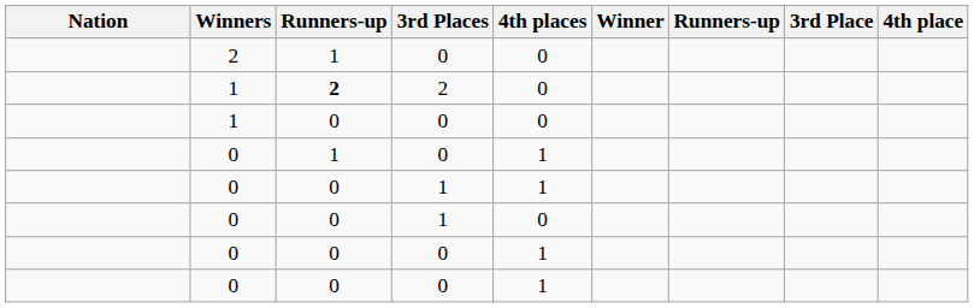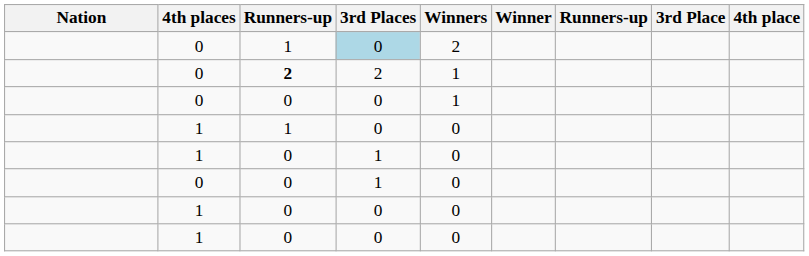 <table class="wikitable sortable">
 <tr>
 <th width=135>Nation</th>
-<th>Winners</th>
+<th>4th places</th>
 <th>Runners-up</th>
 <th>3rd Places</th>
-<th>4th places</th>
+<th>Winners</th>
 <th>Winner</th>
 <th>Runners-up</th>
 <th>3rd Place</th>
 <th>4th place</th>
 </tr>
 <tr>
 <td></td>
+<td align=center>0</td>
+<td align=center>1</td>
+<td align=center style="background: lightblue;">0</td>
 <td align=center>2</td>
+<td></td>
+<td></td>
+<td></td>
+<td></td>
+</tr>
+<tr>
+<td></td>
+<td align=center>0</td>
+<td align=center><strong>2</strong></td>
+<td align=center>2</td>
+<td align=center>1</td>
+<td></td>
+<td></td>
+<td></td>
+<td></td>
+</tr>
+<tr>
+<td></td>
+<td align=center>0</td>
+<td align=center>0</td>
+<td align=center>0</td>
+<td align=center>1</td>
+<td></td>
+<td></td>
+<td></td>
+<td></td>
+</tr>
+<tr>
+<td></td>
+<td align=center>1</td>
 <td align=center>1</td>
 <td align=center>0</td>
 <td align=center>0</td>
 <td></td>
 <td></td>
 <td></td>
 <td></td>
 </tr>
 <tr>
 <td></td>
 <td align=center>1</td>
-<td align=center><strong>2</strong></td>
-<td align=center>2</td>
+<td align=center>0</td>
+<td align=center>1</td>
+<td align=center>0</td>
+<td></td>
+<td></td>
+<td></td>
+<td></td>
+</tr>
+<tr>
+<td></td>
+<td align=center>0</td>
+<td align=center>0</td>
+<td align=center>1</td>
 <td align=center>0</td>
 <td></td>
 <td></td>
 <td></td>
 <td></td>
 </tr>
 <tr>
 <td></td>
 <td align=center>1</td>
 <td align=center>0</td>
 <td align=center>0</td>
 <td align=center>0</td>
 <td></td>
 <td></td>
 <td></td>
 <td></td>
 </tr>
 <tr>
 <td></td>
-<td align=center>0</td>
 <td align=center>1</td>
 <td align=center>0</td>
-<td align=center>1</td>
-<td></td>
-<td></td>
-<td></td>
-<td></td>
-</tr>
-<tr>
-<td></td>
 <td align=center>0</td>
-<td align=center>0</td>
-<td align=center>1</td>
-<td align=center>1</td>
-<td></td>
-<td></td>
-<td></td>
-<td></td>
-</tr>
-<tr>
-<td></td>
-<td align=center>0</td>
-<td align=center>0</td>
-<td align=center>1</td>
 <td align=center>0</td>
 <td></td>
 <td></td>
 <td></td>
 <td></td>
 </tr>
-<tr>
-<td></td>
-<td align=center>0</td>
-<td align=center>0</td>
-<td align=center>0</td>
-<td align=center>1</td>
-<td></td>
-<td></td>
-<td></td>
-<td></td>
-</tr>
-<tr>
-<td></td>
-<td align=center>0</td>
-<td align=center>0</td>
-<td align=center>0</td>
-<td align=center>1</td>
-<td></td>
-<td></td>
-<td></td>
-<td></td>
-</tr>
 </table>
